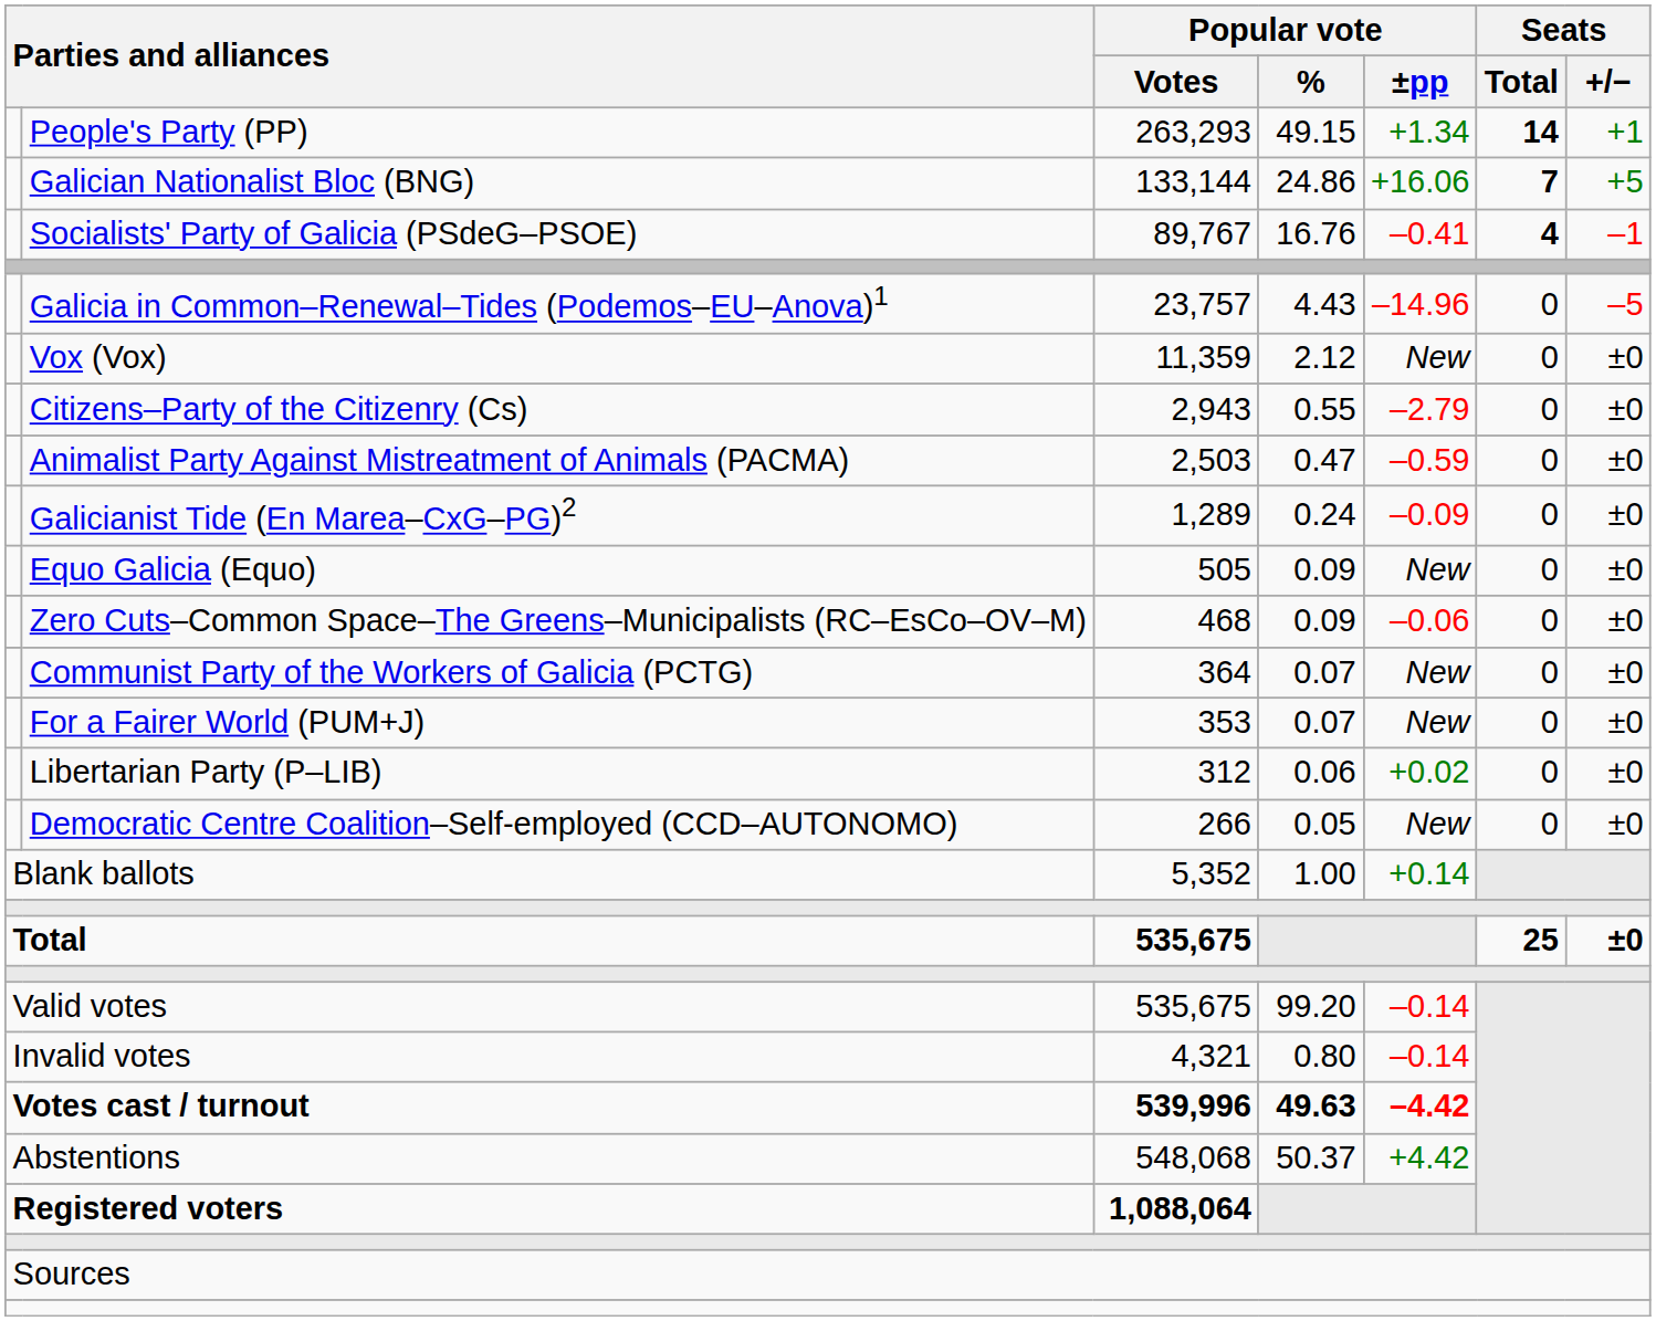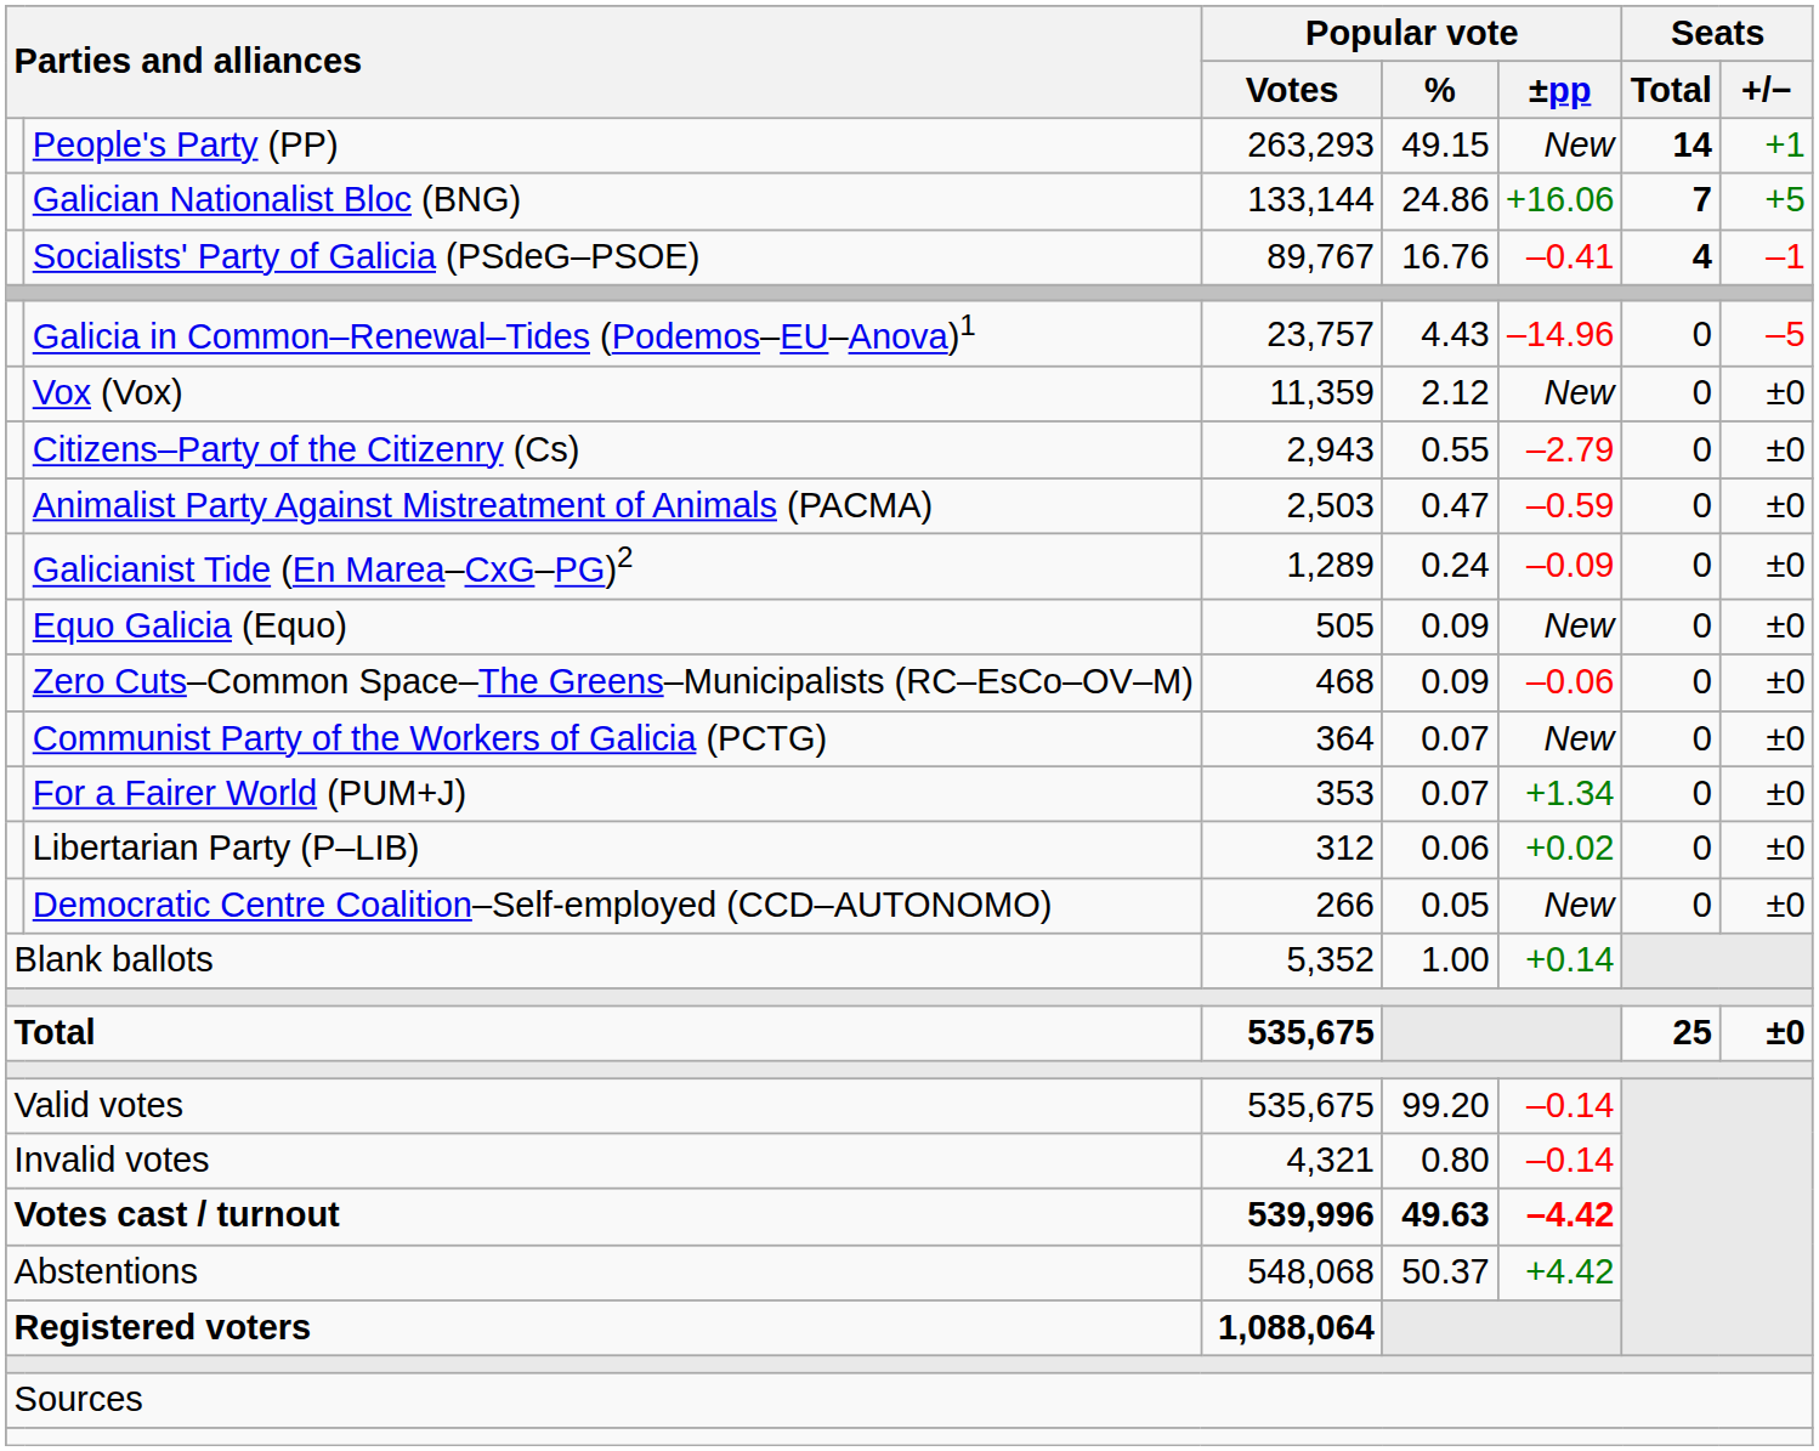 <table class="wikitable" style="text-align:right;">
 <tr>
 <th style="text-align:left;" rowspan="2" colspan="2" width="525">Parties and alliances</th>
 <th colspan="3">Popular vote</th>
 <th colspan="2">Seats</th>
 </tr>
 <tr>
 <th width="75">Votes</th>
 <th width="45">%</th>
 <th width="45">±<a href='#'>pp</a></th>
 <th width="35">Total</th>
 <th width="35">+/−</th>
 </tr>
 <tr>
 <td width="1" style="color:inherit;background:"></td>
 <td align="left"><a href='#'>People's Party</a> (PP)</td>
 <td>263,293</td>
 <td>49.15</td>
-<td style="color:green;">+1.34</td>
+<td><em>New</em></td>
 <td><strong>14</strong></td>
 <td style="color:green;">+1</td>
 </tr>
 <tr>
 <td style="color:inherit;background:"></td>
 <td align="left"><a href='#'>Galician Nationalist Bloc</a> (BNG)</td>
 <td>133,144</td>
 <td>24.86</td>
 <td style="color:green;">+16.06</td>
 <td><strong>7</strong></td>
 <td style="color:green;">+5</td>
 </tr>
 <tr>
 <td style="color:inherit;background:"></td>
 <td align="left"><a href='#'>Socialists' Party of Galicia</a> (PSdeG–PSOE)</td>
 <td>89,767</td>
 <td>16.76</td>
 <td style="color:red;">–0.41</td>
 <td><strong>4</strong></td>
 <td style="color:red;">–1</td>
 </tr>
 <tr>
 <td colspan="7" bgcolor="#C0C0C0"></td>
 </tr>
 <tr>
 <td style="color:inherit;background:"></td>
 <td align="left"><a href='#'>Galicia in Common–Renewal–Tides</a> (<a href='#'>Podemos</a>–<a href='#'>EU</a>–<a href='#'>Anova</a>)<sup>1</sup></td>
 <td>23,757</td>
 <td>4.43</td>
 <td style="color:red;">–14.96</td>
 <td>0</td>
 <td style="color:red;">–5</td>
 </tr>
 <tr>
 <td style="color:inherit;background:"></td>
 <td align="left"><a href='#'>Vox</a> (Vox)</td>
 <td>11,359</td>
 <td>2.12</td>
 <td><em>New</em></td>
 <td>0</td>
 <td>±0</td>
 </tr>
 <tr>
 <td style="color:inherit;background:"></td>
 <td align="left"><a href='#'>Citizens–Party of the Citizenry</a> (Cs)</td>
 <td>2,943</td>
 <td>0.55</td>
 <td style="color:red;">–2.79</td>
 <td>0</td>
 <td>±0</td>
 </tr>
 <tr>
 <td style="color:inherit;background:"></td>
 <td align="left"><a href='#'>Animalist Party Against Mistreatment of Animals</a> (PACMA)</td>
 <td>2,503</td>
 <td>0.47</td>
 <td style="color:red;">–0.59</td>
 <td>0</td>
 <td>±0</td>
 </tr>
 <tr>
 <td style="color:inherit;background:"></td>
 <td align="left"><a href='#'>Galicianist Tide</a> (<a href='#'>En Marea</a>–<a href='#'>CxG</a>–<a href='#'>PG</a>)<sup>2</sup></td>
 <td>1,289</td>
 <td>0.24</td>
 <td style="color:red;">–0.09</td>
 <td>0</td>
 <td>±0</td>
 </tr>
 <tr>
 <td style="color:inherit;background:"></td>
 <td align="left"><a href='#'>Equo Galicia</a> (Equo)</td>
 <td>505</td>
 <td>0.09</td>
 <td><em>New</em></td>
 <td>0</td>
 <td>±0</td>
 </tr>
 <tr>
 <td style="color:inherit;background:"></td>
 <td align="left"><a href='#'>Zero Cuts</a>–Common Space–<a href='#'>The Greens</a>–Municipalists (RC–EsCo–OV–M)</td>
 <td>468</td>
 <td>0.09</td>
 <td style="color:red;">–0.06</td>
 <td>0</td>
 <td>±0</td>
 </tr>
 <tr>
 <td style="color:inherit;background:"></td>
 <td align="left"><a href='#'>Communist Party of the Workers of Galicia</a> (PCTG)</td>
 <td>364</td>
 <td>0.07</td>
 <td><em>New</em></td>
 <td>0</td>
 <td>±0</td>
 </tr>
 <tr>
 <td style="color:inherit;background:"></td>
 <td align="left"><a href='#'>For a Fairer World</a> (PUM+J)</td>
 <td>353</td>
 <td>0.07</td>
-<td><em>New</em></td>
+<td style="color:green;">+1.34</td>
 <td>0</td>
 <td>±0</td>
 </tr>
 <tr>
 <td style="color:inherit;background:"></td>
 <td align="left">Libertarian Party (P–LIB)</td>
 <td>312</td>
 <td>0.06</td>
 <td style="color:green;">+0.02</td>
 <td>0</td>
 <td>±0</td>
 </tr>
 <tr>
 <td style="color:inherit;background:"></td>
 <td align="left"><a href='#'>Democratic Centre Coalition</a>–Self-employed (CCD–AUTONOMO)</td>
 <td>266</td>
 <td>0.05</td>
 <td><em>New</em></td>
 <td>0</td>
 <td>±0</td>
 </tr>
 <tr>
 <td align="left" colspan="2">Blank ballots</td>
 <td>5,352</td>
 <td>1.00</td>
 <td style="color:green;">+0.14</td>
 <td bgcolor="#E9E9E9" colspan="2"></td>
 </tr>
 <tr>
 <td colspan="7" bgcolor="#E9E9E9"></td>
 </tr>
 <tr style="font-weight:bold;">
 <td align="left" colspan="2">Total</td>
 <td>535,675</td>
 <td bgcolor="#E9E9E9" colspan="2"></td>
 <td>25</td>
 <td>±0</td>
 </tr>
 <tr>
 <td colspan="7" bgcolor="#E9E9E9"></td>
 </tr>
 <tr>
 <td align="left" colspan="2">Valid votes</td>
 <td>535,675</td>
 <td>99.20</td>
 <td style="color:red;">–0.14</td>
 <td bgcolor="#E9E9E9" colspan="2" rowspan="5"></td>
 </tr>
 <tr>
 <td align="left" colspan="2">Invalid votes</td>
 <td>4,321</td>
 <td>0.80</td>
 <td style="color:red;">–0.14</td>
 </tr>
 <tr style="font-weight:bold;">
 <td align="left" colspan="2">Votes cast / turnout</td>
 <td>539,996</td>
 <td>49.63</td>
 <td style="color:red;">–4.42</td>
 </tr>
 <tr>
 <td align="left" colspan="2">Abstentions</td>
 <td>548,068</td>
 <td>50.37</td>
 <td style="color:green;">+4.42</td>
 </tr>
 <tr style="font-weight:bold;">
 <td align="left" colspan="2">Registered voters</td>
 <td>1,088,064</td>
 <td bgcolor="#E9E9E9" colspan="2"></td>
 </tr>
 <tr>
 <td colspan="7" bgcolor="#E9E9E9"></td>
 </tr>
 <tr>
 <td align="left" colspan="7">Sources</td>
 </tr>
 <tr>
 <td colspan="7" style="text-align:left; max-width:790px;"></td>
 </tr>
 </table>
